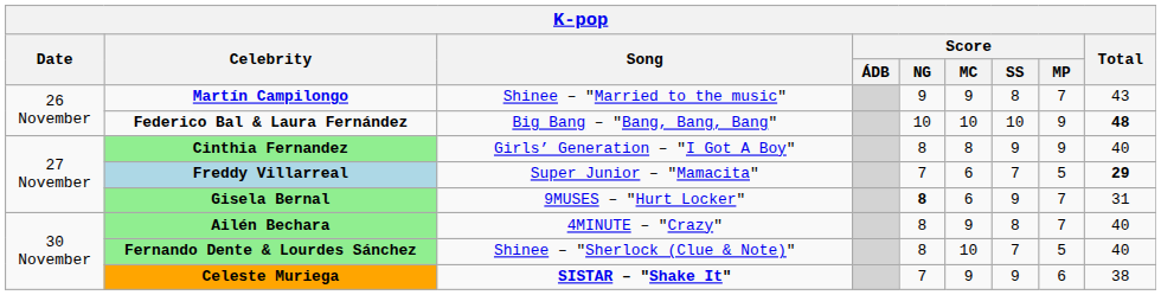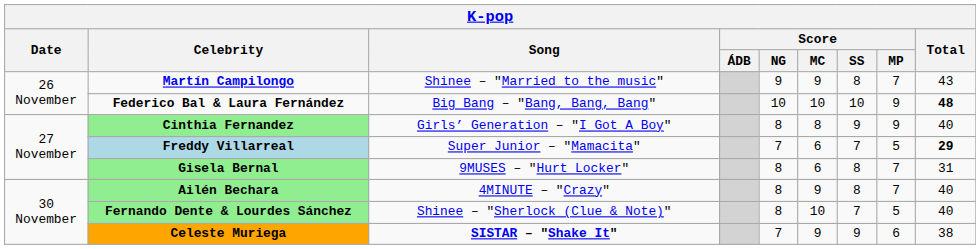 <table class="wikitable collapsible collapsed" style="font-size:90%; text-align: center; width: 100%;">
 <tr>
 <th colspan="11" style="with: 95%;" align=center><big><a href='#'>K-pop</a></big></th>
 </tr>
 <tr>
 <th width=70 rowspan="2">Date</th>
 <th width=250 rowspan="2">Celebrity</th>
 <th rowspan="2">Song</th>
 <th colspan="5">Score</th>
 <th rowspan="2">Total</th>
 </tr>
 <tr>
 <th width=30>ÁDB</th>
 <th width=30>NG</th>
 <th width=30>MC</th>
 <th width=30>SS</th>
 <th width=30>MP</th>
 </tr>
 <tr>
 <td rowspan=2>26 November</td>
 <td><strong><a href='#'>Martín Campilongo</a></strong></td>
 <td><a href='#'>Shinee</a> – "<a href='#'>Married to the music</a>"</td>
 <td bgcolor="lightgray"></td>
 <td>9</td>
 <td>9</td>
 <td>8</td>
 <td>7</td>
 <td>43</td>
 </tr>
 <tr>
 <td><strong>Federico Bal & Laura Fernández</strong></td>
 <td><a href='#'>Big Bang</a> – "<a href='#'>Bang, Bang, Bang</a>"</td>
 <td bgcolor="lightgray"></td>
 <td>10</td>
 <td>10</td>
 <td>10</td>
 <td>9</td>
 <td><span><strong>48</strong></span></td>
 </tr>
 <tr>
 <td rowspan=3>27 November</td>
 <td style="background:lightgreen;"><strong>Cinthia Fernandez</strong></td>
 <td><a href='#'>Girls’ Generation</a> – "<a href='#'>I Got A Boy</a>"</td>
 <td bgcolor="lightgray"></td>
 <td>8</td>
 <td>8</td>
 <td>9</td>
 <td>9</td>
 <td>40</td>
 </tr>
 <tr>
 <td style="background:lightblue;"><strong>Freddy Villarreal</strong></td>
 <td><a href='#'>Super Junior</a> – "<a href='#'>Mamacita</a>"</td>
 <td bgcolor="lightgray"></td>
 <td>7</td>
 <td>6</td>
 <td>7</td>
 <td>5</td>
 <td><span><strong>29</strong></span></td>
 </tr>
 <tr>
 <td style="background:lightgreen;"><strong>Gisela Bernal</strong></td>
 <td><a href='#'>9MUSES</a> – "<a href='#'>Hurt Locker</a>"</td>
 <td bgcolor="lightgray"></td>
-<td><strong>8</strong></td>
+<td>8</td>
 <td>6</td>
-<td>9</td>
+<td>8</td>
 <td>7</td>
 <td>31</td>
 </tr>
 <tr>
 <td rowspan=3>30 November</td>
 <td style="background:lightgreen;"><strong>Ailén Bechara</strong></td>
 <td><a href='#'>4MINUTE</a> – "<a href='#'>Crazy</a>"</td>
 <td bgcolor="lightgray"></td>
 <td>8</td>
 <td>9</td>
 <td>8</td>
 <td>7</td>
 <td>40</td>
 </tr>
 <tr>
 <td style="background:lightgreen;"><strong>Fernando Dente & Lourdes Sánchez</strong></td>
 <td><a href='#'>Shinee</a> – "<a href='#'>Sherlock (Clue & Note)</a>"</td>
 <td bgcolor="lightgray"></td>
 <td>8</td>
 <td>10</td>
 <td>7</td>
 <td>5</td>
 <td>40</td>
 </tr>
 <tr>
 <td style="background:Orange;"><strong>Celeste Muriega</strong></td>
 <td><strong><a href='#'>SISTAR</a> – "<a href='#'>Shake It</a>"</strong></td>
 <td bgcolor="lightgray"></td>
 <td>7</td>
 <td>9</td>
 <td>9</td>
 <td>6</td>
 <td>38</td>
 </tr>
 </table>
